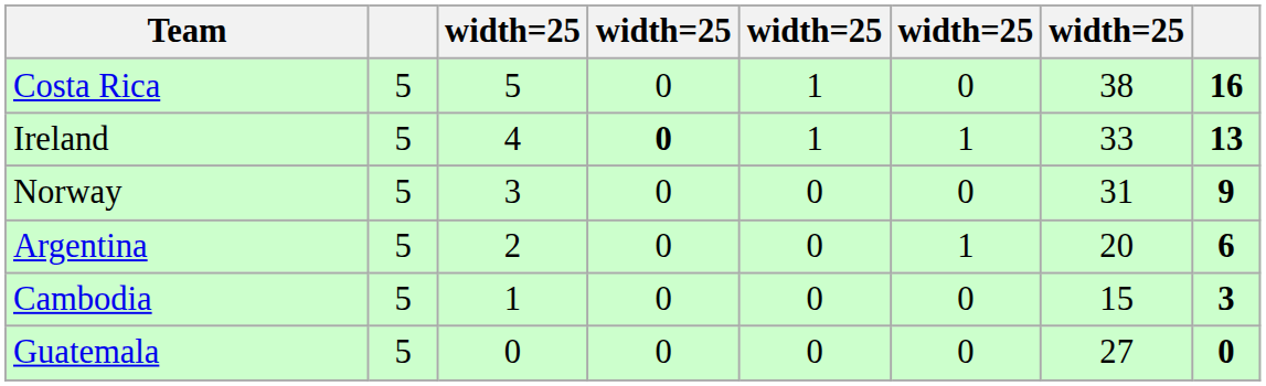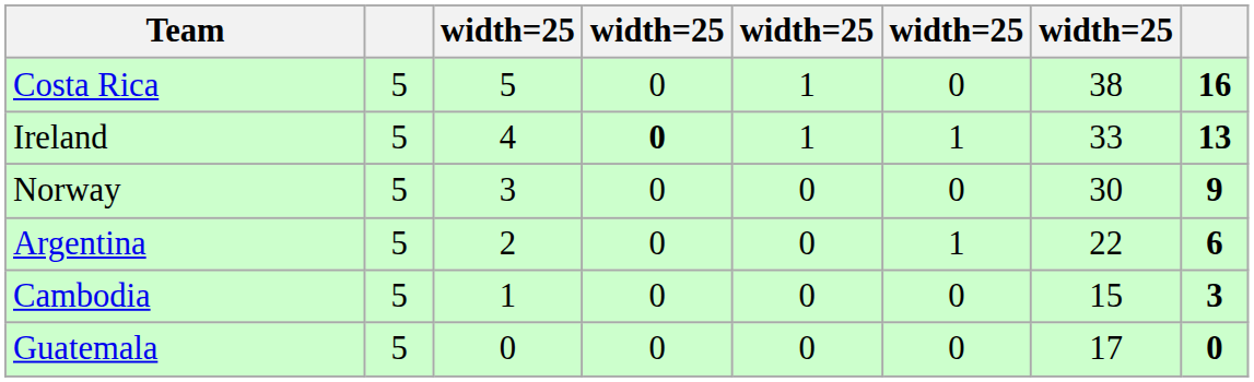 <table class="wikitable sortable" style="text-align: center; ">
 <tr>
 <th width=165>Team</th>
 <th width=25></th>
 <th>width=25</th>
 <th>width=25</th>
 <th>width=25</th>
 <th>width=25</th>
 <th>width=25</th>
 <th width=25></th>
 </tr>
 <tr style="background:#ccffcc;">
 <td style="text-align:left;"> <a href='#'>Costa Rica</a></td>
 <td>5</td>
 <td>5</td>
 <td>0</td>
 <td>1</td>
 <td>0</td>
 <td>38</td>
 <td><strong>16</strong></td>
 </tr>
 <tr style="background:#ccffcc;">
 <td style="text-align:left;"> Ireland</td>
 <td>5</td>
 <td>4</td>
 <td><strong>0</strong></td>
 <td>1</td>
 <td>1</td>
 <td>33</td>
 <td><strong>13</strong></td>
 </tr>
 <tr style="background:#ccffcc;">
 <td style="text-align:left;"> Norway</td>
 <td>5</td>
 <td>3</td>
 <td>0</td>
 <td>0</td>
 <td>0</td>
-<td>31</td>
+<td>30</td>
 <td><strong>9</strong></td>
 </tr>
 <tr style="background:#ccffcc;">
 <td style="text-align:left;"> <a href='#'>Argentina</a></td>
 <td>5</td>
 <td>2</td>
 <td>0</td>
 <td>0</td>
 <td>1</td>
-<td>20</td>
+<td>22</td>
 <td><strong>6</strong></td>
 </tr>
 <tr style="background:#ccffcc;">
 <td style="text-align:left;"> <a href='#'>Cambodia</a></td>
 <td>5</td>
 <td>1</td>
 <td>0</td>
 <td>0</td>
 <td>0</td>
 <td>15</td>
 <td><strong>3</strong></td>
 </tr>
 <tr style="background:#ccffcc;">
 <td style="text-align:left;"> <a href='#'>Guatemala</a></td>
 <td>5</td>
 <td>0</td>
 <td>0</td>
 <td>0</td>
 <td>0</td>
-<td>27</td>
+<td>17</td>
 <td><strong>0</strong></td>
 </tr>
 </table>
